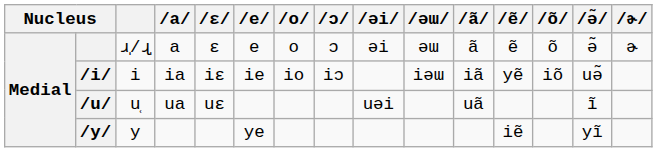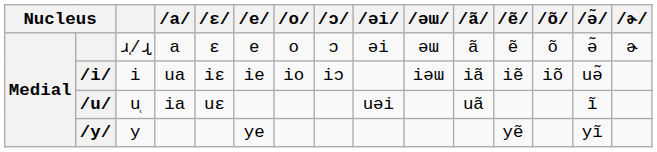 <table class="wikitable" style="text-align:center;">
 <tr>
 <th colspan="2">Nucleus</th>
 <th></th>
 <th>/a/</th>
 <th>/ɛ/</th>
 <th>/e/</th>
 <th>/o/</th>
 <th>/ɔ/</th>
 <th>/əi/</th>
 <th>/əɯ/</th>
 <th>/ã/</th>
 <th>/ẽ/</th>
 <th>/õ/</th>
 <th>/ə̃/</th>
 <th>/ɚ/</th>
 </tr>
 <tr>
 <th rowspan="4">Medial</th>
 <th></th>
 <td>ɹ̩/ɻ̩ </td>
 <td>a </td>
 <td>ɛ </td>
 <td>e </td>
 <td>o </td>
 <td>ɔ </td>
 <td>əi </td>
 <td>əɯ </td>
 <td>ã </td>
 <td>ẽ </td>
 <td>õ </td>
 <td>ə̃ </td>
 <td>ɚ </td>
 </tr>
 <tr>
 <th>/i/</th>
 <td>i </td>
-<td>ia </td>
+<td>ua </td>
 <td>iɛ </td>
 <td>ie </td>
 <td>io </td>
 <td>iɔ </td>
 <td></td>
 <td>iəɯ </td>
 <td>iã </td>
-<td>yẽ </td>
+<td>iẽ </td>
 <td>iõ </td>
 <td>uə̃ </td>
 <td></td>
 </tr>
 <tr>
 <th>/u/</th>
 <td>u̜ </td>
-<td>ua </td>
+<td>ia </td>
 <td>uɛ </td>
 <td></td>
 <td></td>
 <td></td>
 <td>uəi </td>
 <td></td>
 <td>uã </td>
 <td></td>
 <td></td>
 <td>ĩ </td>
 <td></td>
 </tr>
 <tr>
 <th>/y/</th>
 <td>y </td>
 <td></td>
 <td></td>
 <td>ye </td>
 <td></td>
 <td></td>
 <td></td>
 <td></td>
 <td></td>
-<td>iẽ </td>
+<td>yẽ </td>
 <td></td>
 <td>yĩ </td>
 <td></td>
 </tr>
 </table>
